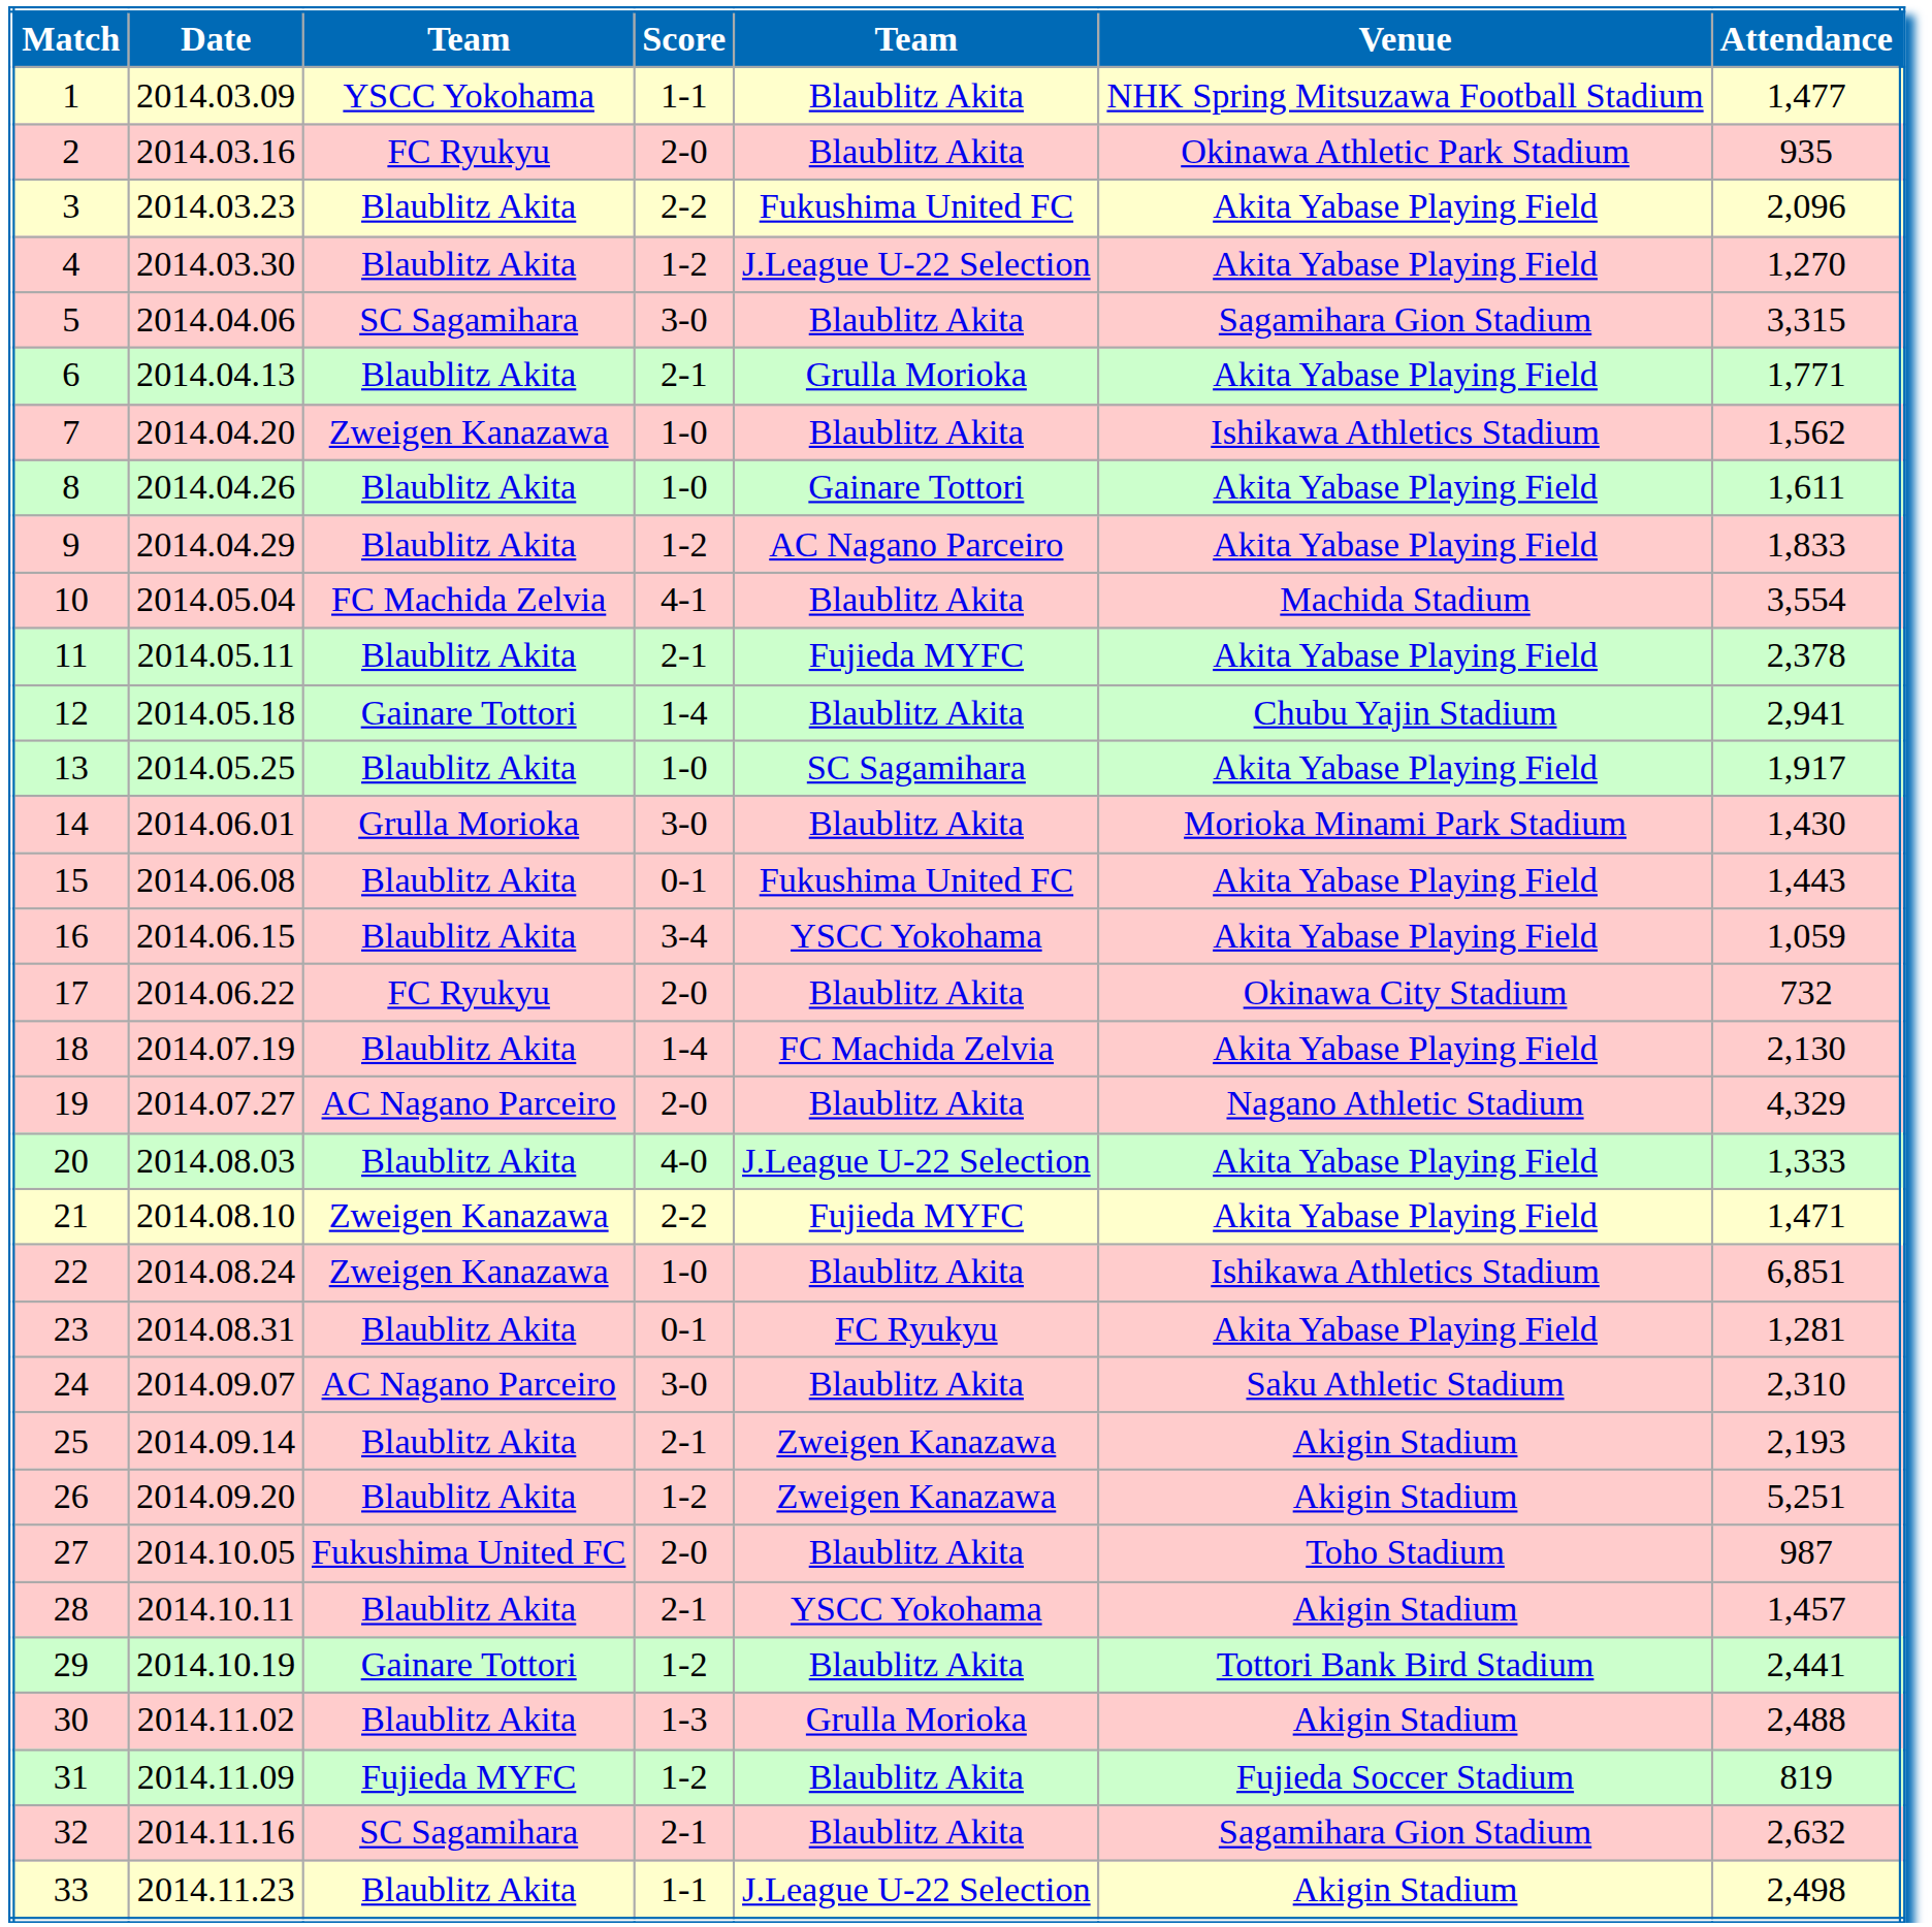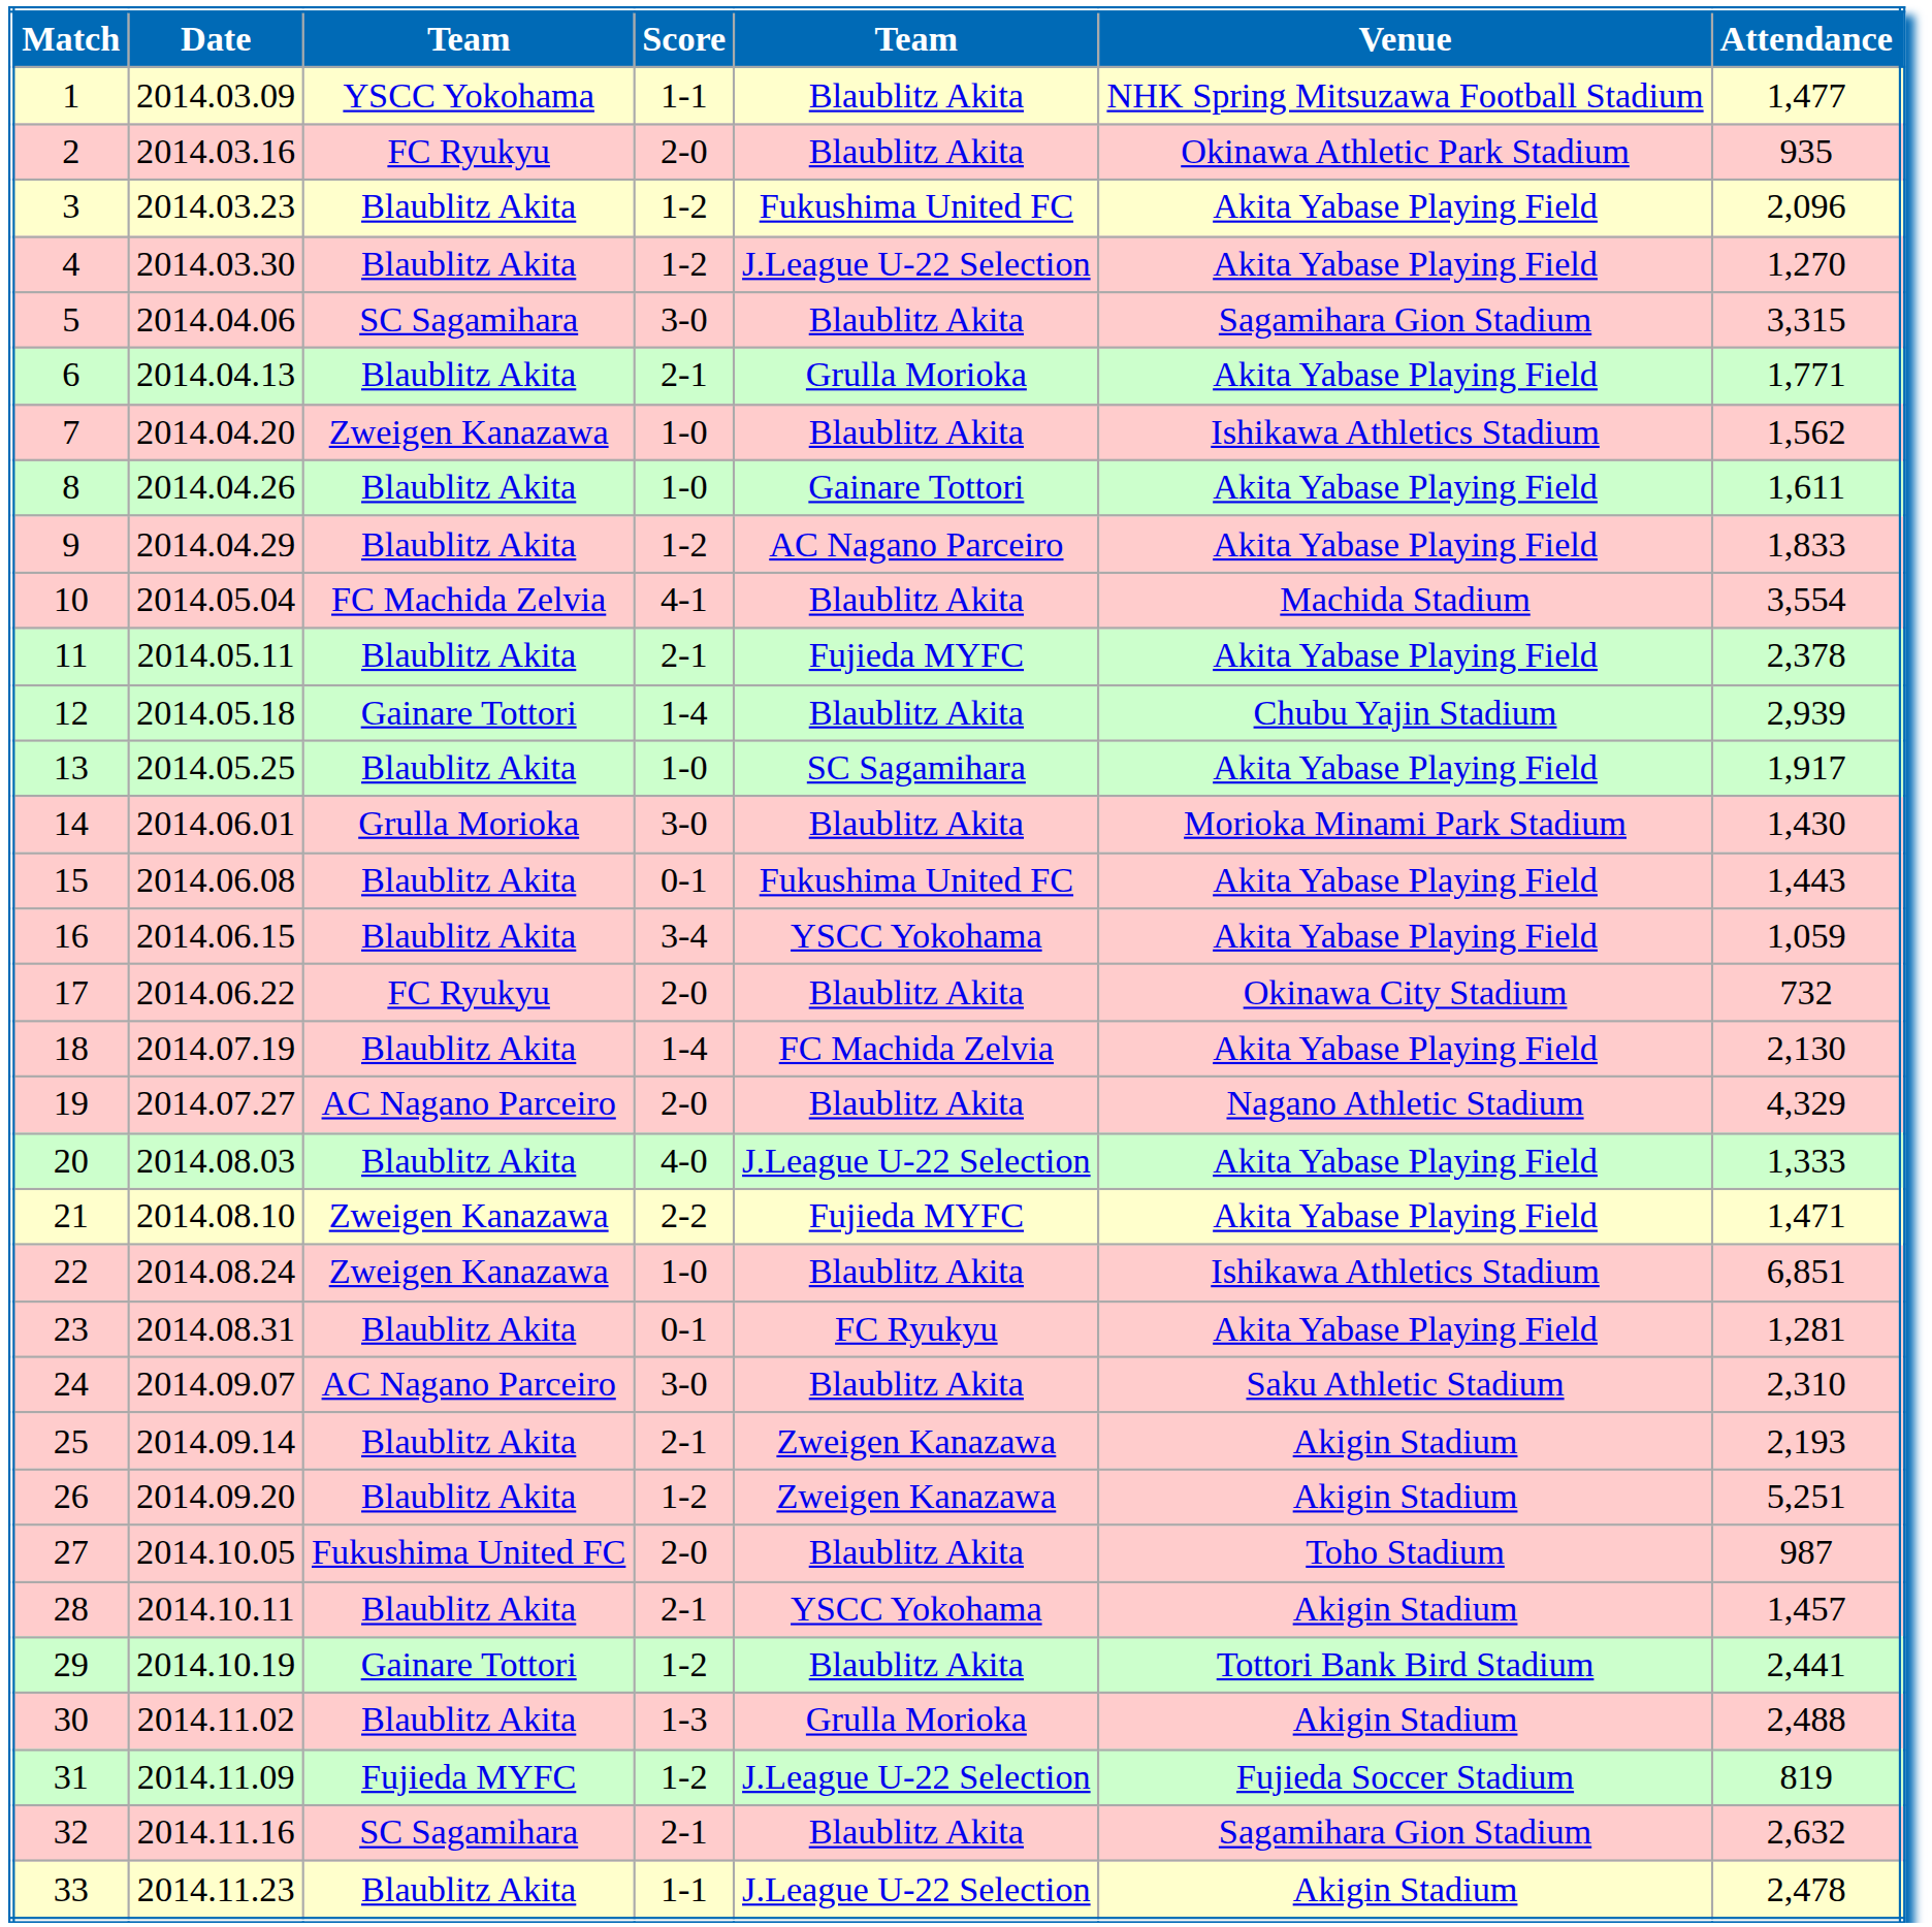 <table class="wikitable" style="text-align:center; white-space:nowrap; border:double #006AB6; box-shadow: 4px 4px 4px #006AB6">
 <tr style="background-color:#006AB6; color:#FFF; font-weight:bold;">
 <td>Match</td>
 <td>Date</td>
 <td>Team</td>
 <td>Score</td>
 <td>Team</td>
 <td>Venue</td>
 <td>Attendance</td>
 </tr>
 <tr style="background-color: #FFFFCC;">
 <td>1</td>
 <td>2014.03.09</td>
 <td><a href='#'>YSCC Yokohama</a></td>
 <td>1-1</td>
 <td><a href='#'>Blaublitz Akita</a></td>
 <td><a href='#'>NHK Spring Mitsuzawa Football Stadium</a></td>
 <td>1,477</td>
 </tr>
 <tr style="background-color: #FFCCCC;">
 <td>2</td>
 <td>2014.03.16</td>
 <td><a href='#'>FC Ryukyu</a></td>
 <td>2-0</td>
 <td><a href='#'>Blaublitz Akita</a></td>
 <td><a href='#'>Okinawa Athletic Park Stadium</a></td>
 <td>935</td>
 </tr>
 <tr style="background-color: #FFFFCC;">
 <td>3</td>
 <td>2014.03.23</td>
 <td><a href='#'>Blaublitz Akita</a></td>
-<td>2-2</td>
+<td>1-2</td>
 <td><a href='#'>Fukushima United FC</a></td>
 <td><a href='#'>Akita Yabase Playing Field</a></td>
 <td>2,096</td>
 </tr>
 <tr style="background-color: #FFCCCC;">
 <td>4</td>
 <td>2014.03.30</td>
 <td><a href='#'>Blaublitz Akita</a></td>
 <td>1-2</td>
 <td><a href='#'>J.League U-22 Selection</a></td>
 <td><a href='#'>Akita Yabase Playing Field</a></td>
 <td>1,270</td>
 </tr>
 <tr style="background-color: #FFCCCC;">
 <td>5</td>
 <td>2014.04.06</td>
 <td><a href='#'>SC Sagamihara</a></td>
 <td>3-0</td>
 <td><a href='#'>Blaublitz Akita</a></td>
 <td><a href='#'>Sagamihara Gion Stadium</a></td>
 <td>3,315</td>
 </tr>
 <tr style="background-color: #CCFFCC;">
 <td>6</td>
 <td>2014.04.13</td>
 <td><a href='#'>Blaublitz Akita</a></td>
 <td>2-1</td>
 <td><a href='#'>Grulla Morioka</a></td>
 <td><a href='#'>Akita Yabase Playing Field</a></td>
 <td>1,771</td>
 </tr>
 <tr style="background-color: #FFCCCC;">
 <td>7</td>
 <td>2014.04.20</td>
 <td><a href='#'>Zweigen Kanazawa</a></td>
 <td>1-0</td>
 <td><a href='#'>Blaublitz Akita</a></td>
 <td><a href='#'>Ishikawa Athletics Stadium</a></td>
 <td>1,562</td>
 </tr>
 <tr style="background-color: #CCFFCC;">
 <td>8</td>
 <td>2014.04.26</td>
 <td><a href='#'>Blaublitz Akita</a></td>
 <td>1-0</td>
 <td><a href='#'>Gainare Tottori</a></td>
 <td><a href='#'>Akita Yabase Playing Field</a></td>
 <td>1,611</td>
 </tr>
 <tr style="background-color: #FFCCCC;">
 <td>9</td>
 <td>2014.04.29</td>
 <td><a href='#'>Blaublitz Akita</a></td>
 <td>1-2</td>
 <td><a href='#'>AC Nagano Parceiro</a></td>
 <td><a href='#'>Akita Yabase Playing Field</a></td>
 <td>1,833</td>
 </tr>
 <tr style="background-color: #FFCCCC;">
 <td>10</td>
 <td>2014.05.04</td>
 <td><a href='#'>FC Machida Zelvia</a></td>
 <td>4-1</td>
 <td><a href='#'>Blaublitz Akita</a></td>
 <td><a href='#'>Machida Stadium</a></td>
 <td>3,554</td>
 </tr>
 <tr style="background-color: #CCFFCC;">
 <td>11</td>
 <td>2014.05.11</td>
 <td><a href='#'>Blaublitz Akita</a></td>
 <td>2-1</td>
 <td><a href='#'>Fujieda MYFC</a></td>
 <td><a href='#'>Akita Yabase Playing Field</a></td>
 <td>2,378</td>
 </tr>
 <tr style="background-color: #CCFFCC;">
 <td>12</td>
 <td>2014.05.18</td>
 <td><a href='#'>Gainare Tottori</a></td>
 <td>1-4</td>
 <td><a href='#'>Blaublitz Akita</a></td>
 <td><a href='#'>Chubu Yajin Stadium</a></td>
-<td>2,941</td>
+<td>2,939</td>
 </tr>
 <tr style="background-color: #CCFFCC;">
 <td>13</td>
 <td>2014.05.25</td>
 <td><a href='#'>Blaublitz Akita</a></td>
 <td>1-0</td>
 <td><a href='#'>SC Sagamihara</a></td>
 <td><a href='#'>Akita Yabase Playing Field</a></td>
 <td>1,917</td>
 </tr>
 <tr style="background-color: #FFCCCC;">
 <td>14</td>
 <td>2014.06.01</td>
 <td><a href='#'>Grulla Morioka</a></td>
 <td>3-0</td>
 <td><a href='#'>Blaublitz Akita</a></td>
 <td><a href='#'>Morioka Minami Park Stadium</a></td>
 <td>1,430</td>
 </tr>
 <tr style="background-color: #FFCCCC;">
 <td>15</td>
 <td>2014.06.08</td>
 <td><a href='#'>Blaublitz Akita</a></td>
 <td>0-1</td>
 <td><a href='#'>Fukushima United FC</a></td>
 <td><a href='#'>Akita Yabase Playing Field</a></td>
 <td>1,443</td>
 </tr>
 <tr style="background-color: #FFCCCC;">
 <td>16</td>
 <td>2014.06.15</td>
 <td><a href='#'>Blaublitz Akita</a></td>
 <td>3-4</td>
 <td><a href='#'>YSCC Yokohama</a></td>
 <td><a href='#'>Akita Yabase Playing Field</a></td>
 <td>1,059</td>
 </tr>
 <tr style="background-color: #FFCCCC;">
 <td>17</td>
 <td>2014.06.22</td>
 <td><a href='#'>FC Ryukyu</a></td>
 <td>2-0</td>
 <td><a href='#'>Blaublitz Akita</a></td>
 <td><a href='#'>Okinawa City Stadium</a></td>
 <td>732</td>
 </tr>
 <tr style="background-color: #FFCCCC;">
 <td>18</td>
 <td>2014.07.19</td>
 <td><a href='#'>Blaublitz Akita</a></td>
 <td>1-4</td>
 <td><a href='#'>FC Machida Zelvia</a></td>
 <td><a href='#'>Akita Yabase Playing Field</a></td>
 <td>2,130</td>
 </tr>
 <tr style="background-color: #FFCCCC;">
 <td>19</td>
 <td>2014.07.27</td>
 <td><a href='#'>AC Nagano Parceiro</a></td>
 <td>2-0</td>
 <td><a href='#'>Blaublitz Akita</a></td>
 <td><a href='#'>Nagano Athletic Stadium</a></td>
 <td>4,329</td>
 </tr>
 <tr style="background-color: #CCFFCC;">
 <td>20</td>
 <td>2014.08.03</td>
 <td><a href='#'>Blaublitz Akita</a></td>
 <td>4-0</td>
 <td><a href='#'>J.League U-22 Selection</a></td>
 <td><a href='#'>Akita Yabase Playing Field</a></td>
 <td>1,333</td>
 </tr>
 <tr style="background-color: #FFFFCC;">
 <td>21</td>
 <td>2014.08.10</td>
 <td><a href='#'>Zweigen Kanazawa</a></td>
 <td>2-2</td>
 <td><a href='#'>Fujieda MYFC</a></td>
 <td><a href='#'>Akita Yabase Playing Field</a></td>
 <td>1,471</td>
 </tr>
 <tr style="background-color: #FFCCCC;">
 <td>22</td>
 <td>2014.08.24</td>
 <td><a href='#'>Zweigen Kanazawa</a></td>
 <td>1-0</td>
 <td><a href='#'>Blaublitz Akita</a></td>
 <td><a href='#'>Ishikawa Athletics Stadium</a></td>
 <td>6,851</td>
 </tr>
 <tr style="background-color: #FFCCCC;">
 <td>23</td>
 <td>2014.08.31</td>
 <td><a href='#'>Blaublitz Akita</a></td>
 <td>0-1</td>
 <td><a href='#'>FC Ryukyu</a></td>
 <td><a href='#'>Akita Yabase Playing Field</a></td>
 <td>1,281</td>
 </tr>
 <tr style="background-color: #FFCCCC;">
 <td>24</td>
 <td>2014.09.07</td>
 <td><a href='#'>AC Nagano Parceiro</a></td>
 <td>3-0</td>
 <td><a href='#'>Blaublitz Akita</a></td>
 <td><a href='#'>Saku Athletic Stadium</a></td>
 <td>2,310</td>
 </tr>
 <tr style="background-color: #FFCCCC;">
 <td>25</td>
 <td>2014.09.14</td>
 <td><a href='#'>Blaublitz Akita</a></td>
 <td>2-1</td>
 <td><a href='#'>Zweigen Kanazawa</a></td>
 <td><a href='#'>Akigin Stadium</a></td>
 <td>2,193</td>
 </tr>
 <tr style="background-color: #FFCCCC;">
 <td>26</td>
 <td>2014.09.20</td>
 <td><a href='#'>Blaublitz Akita</a></td>
 <td>1-2</td>
 <td><a href='#'>Zweigen Kanazawa</a></td>
 <td><a href='#'>Akigin Stadium</a></td>
 <td>5,251</td>
 </tr>
 <tr style="background-color: #FFCCCC;">
 <td>27</td>
 <td>2014.10.05</td>
 <td><a href='#'>Fukushima United FC</a></td>
 <td>2-0</td>
 <td><a href='#'>Blaublitz Akita</a></td>
 <td><a href='#'>Toho Stadium</a></td>
 <td>987</td>
 </tr>
 <tr style="background-color: #FFCCCC;">
 <td>28</td>
 <td>2014.10.11</td>
 <td><a href='#'>Blaublitz Akita</a></td>
 <td>2-1</td>
 <td><a href='#'>YSCC Yokohama</a></td>
 <td><a href='#'>Akigin Stadium</a></td>
 <td>1,457</td>
 </tr>
 <tr style="background-color: #CCFFCC;">
 <td>29</td>
 <td>2014.10.19</td>
 <td><a href='#'>Gainare Tottori</a></td>
 <td>1-2</td>
 <td><a href='#'>Blaublitz Akita</a></td>
 <td><a href='#'>Tottori Bank Bird Stadium</a></td>
 <td>2,441</td>
 </tr>
 <tr style="background-color: #FFCCCC;">
 <td>30</td>
 <td>2014.11.02</td>
 <td><a href='#'>Blaublitz Akita</a></td>
 <td>1-3</td>
 <td><a href='#'>Grulla Morioka</a></td>
 <td><a href='#'>Akigin Stadium</a></td>
 <td>2,488</td>
 </tr>
 <tr style="background-color: #CCFFCC;">
 <td>31</td>
 <td>2014.11.09</td>
 <td><a href='#'>Fujieda MYFC</a></td>
 <td>1-2</td>
-<td><a href='#'>Blaublitz Akita</a></td>
+<td><a href='#'>J.League U-22 Selection</a></td>
 <td><a href='#'>Fujieda Soccer Stadium</a></td>
 <td>819</td>
 </tr>
 <tr style="background-color: #FFCCCC;">
 <td>32</td>
 <td>2014.11.16</td>
 <td><a href='#'>SC Sagamihara</a></td>
 <td>2-1</td>
 <td><a href='#'>Blaublitz Akita</a></td>
 <td><a href='#'>Sagamihara Gion Stadium</a></td>
 <td>2,632</td>
 </tr>
 <tr style="background-color: #FFFFCC;">
 <td>33</td>
 <td>2014.11.23</td>
 <td><a href='#'>Blaublitz Akita</a></td>
 <td>1-1</td>
 <td><a href='#'>J.League U-22 Selection</a></td>
 <td><a href='#'>Akigin Stadium</a></td>
-<td>2,498</td>
+<td>2,478</td>
 </tr>
 </table>
